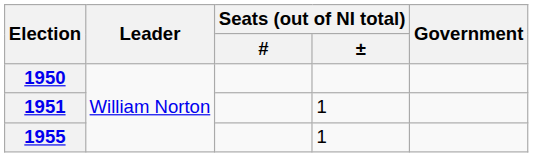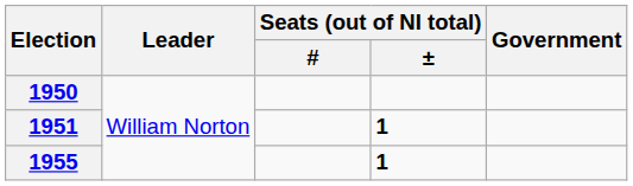 <table class="sortable wikitable">
 <tr>
 <th rowspan=2>Election</th>
 <th rowspan=2>Leader</th>
 <th colspan=2>Seats (out of NI total)</th>
 <th rowspan=2>Government</th>
 </tr>
 <tr>
 <th>#</th>
 <th>±</th>
 </tr>
 <tr>
 <th><a href='#'>1950</a></th>
 <td rowspan="3"><a href='#'>William Norton</a></td>
 <td style="text-align:center;"></td>
 <td></td>
 <td></td>
 </tr>
 <tr>
 <th><a href='#'>1951</a></th>
 <td style="text-align:center;"></td>
-<td> 1</td>
+<td><strong> 1</strong></td>
 <td></td>
 </tr>
 <tr>
 <th><a href='#'>1955</a></th>
 <td style="text-align:center;"></td>
-<td> 1</td>
+<td><strong> 1</strong></td>
 <td></td>
 </tr>
 </table>
